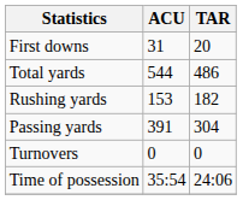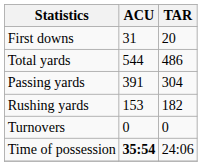 <table class="wikitable" style="float: left;">
 <tr>
 <th>Statistics</th>
 <th>ACU</th>
 <th>TAR</th>
 </tr>
 <tr>
 <td>First downs</td>
 <td>31</td>
 <td>20</td>
 </tr>
 <tr>
 <td>Total yards</td>
 <td>544</td>
 <td>486</td>
 </tr>
 <tr>
+<td>Passing yards</td>
+<td>391</td>
+<td>304</td>
+</tr>
+<tr>
 <td>Rushing yards</td>
 <td>153</td>
 <td>182</td>
-</tr>
-<tr>
-<td>Passing yards</td>
-<td>391</td>
-<td>304</td>
 </tr>
 <tr>
 <td>Turnovers</td>
 <td>0</td>
 <td>0</td>
 </tr>
 <tr>
 <td>Time of possession</td>
-<td>35:54</td>
+<td><strong>35:54</strong></td>
 <td>24:06</td>
 </tr>
 <tr>
 </tr>
 </table>
